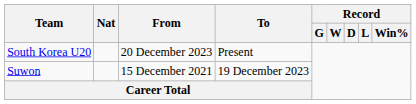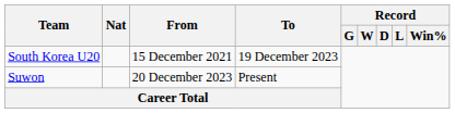 <table class="wikitable" style="text-align: center">
 <tr>
 <th rowspan=2>Team</th>
 <th rowspan=2>Nat</th>
 <th rowspan=2>From</th>
 <th rowspan=2>To</th>
 <th colspan=5>Record</th>
 </tr>
 <tr>
 <th>G</th>
 <th>W</th>
 <th>D</th>
 <th>L</th>
 <th>Win%</th>
 </tr>
 <tr>
 <td align="left"><a href='#'>South Korea U20</a></td>
 <td></td>
-<td align="left">20 December 2023</td>
-<td align="left">Present<br></td>
+<td align="left">15 December 2021</td>
+<td align="left">19 December 2023<br></td>
 </tr>
 <tr>
 <td align="left"><a href='#'>Suwon</a></td>
 <td></td>
-<td align="left">15 December 2021</td>
-<td align="left">19 December 2023<br></td>
+<td align="left">20 December 2023</td>
+<td align="left">Present<br></td>
 </tr>
 <tr>
 <th colspan="4">Career Total<br></th>
 </tr>
 </table>
